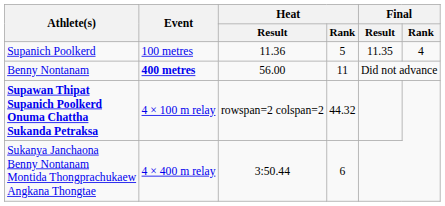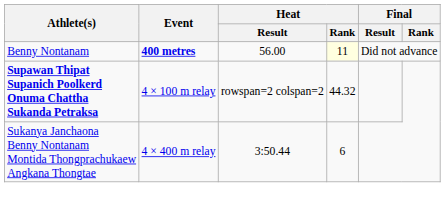 <table class="wikitable" style="font-size:90%">
 <tr>
 <th rowspan="2">Athlete(s)</th>
 <th rowspan="2">Event</th>
 <th colspan="2">Heat</th>
 <th colspan="2">Final</th>
 </tr>
 <tr style="font-size:95%">
 <th>Result</th>
 <th>Rank</th>
 <th>Result</th>
 <th>Rank</th>
 </tr>
 <tr align=center>
-<td align=left><a href='#'>Supanich Poolkerd</a></td>
-<td style="text-align:left;"><a href='#'>100 metres</a></td>
-<td>11.36</td>
-<td>5 <strong></strong></td>
-<td>11.35</td>
-<td>4</td>
-</tr>
-<tr align=center>
 <td align=left><a href='#'>Benny Nontanam</a></td>
 <td style="text-align:left;"><strong><a href='#'>400 metres</a></strong></td>
 <td>56.00</td>
-<td>11</td>
+<td style="background: lightyellow;">11</td>
 <td colspan=2>Did not advance</td>
 </tr>
 <tr align=center>
 <td align=left><strong><a href='#'>Supawan Thipat</a><br><a href='#'>Supanich Poolkerd</a><br><a href='#'>Onuma Chattha</a><br><a href='#'>Sukanda Petraksa</a></strong></td>
 <td style="text-align:left;"><a href='#'>4 × 100 m relay</a></td>
 <td>rowspan=2 colspan=2 </td>
 <td>44.32</td>
 <td></td>
 </tr>
 <tr align=center>
 <td align=left><a href='#'>Sukanya Janchaona</a><br><a href='#'>Benny Nontanam</a><br><a href='#'>Montida Thongprachukaew</a><br><a href='#'>Angkana Thongtae</a></td>
 <td style="text-align:left;"><a href='#'>4 × 400 m relay</a></td>
 <td>3:50.44</td>
 <td>6</td>
 </tr>
 </table>
